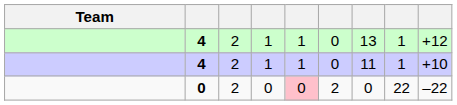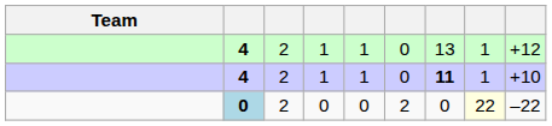 <table class="wikitable" style="text-align: center; font-size: 90%;">
 <tr>
 <th width="165">Team</th>
 <th width="25"></th>
 <th width="25"></th>
 <th width="25"></th>
 <th width="25"></th>
 <th width="25"></th>
 <th width="25"></th>
 <th width="25"></th>
 <th width="25"></th>
 </tr>
 <tr bgcolor=#ccffcc>
 <td align=left></td>
 <td><strong>4</strong></td>
 <td>2</td>
 <td>1</td>
 <td>1</td>
 <td>0</td>
 <td>13</td>
 <td>1</td>
 <td>+12</td>
 </tr>
 <tr bgcolor=#ccccff>
 <td align=left></td>
 <td><strong>4</strong></td>
 <td>2</td>
 <td>1</td>
 <td>1</td>
 <td>0</td>
-<td>11</td>
+<td><strong>11</strong></td>
 <td>1</td>
 <td>+10</td>
 </tr>
 <tr>
 <td align=left></td>
-<td><strong>0</strong></td>
+<td style="background: lightblue;"><strong>0</strong></td>
 <td>2</td>
 <td>0</td>
-<td style="background: pink;">0</td>
+<td>0</td>
 <td>2</td>
 <td>0</td>
-<td>22</td>
+<td style="background: lightyellow;">22</td>
 <td>–22</td>
 </tr>
 </table>
